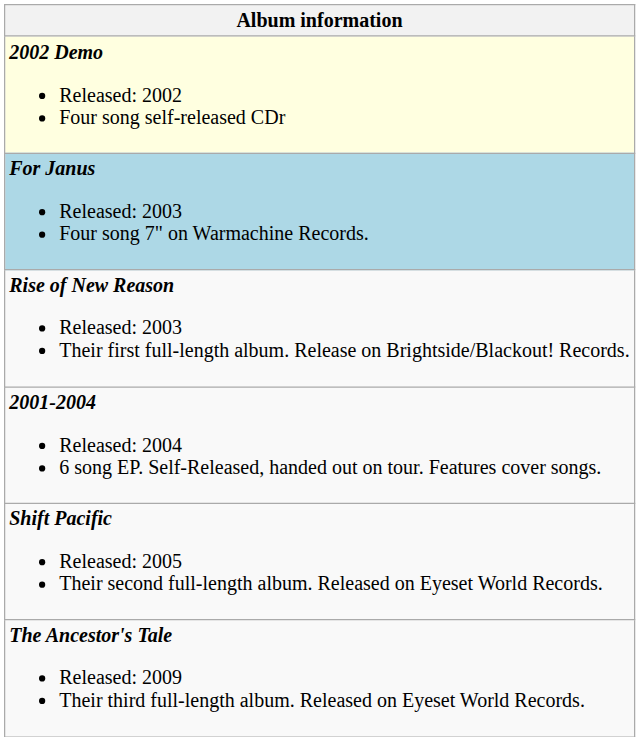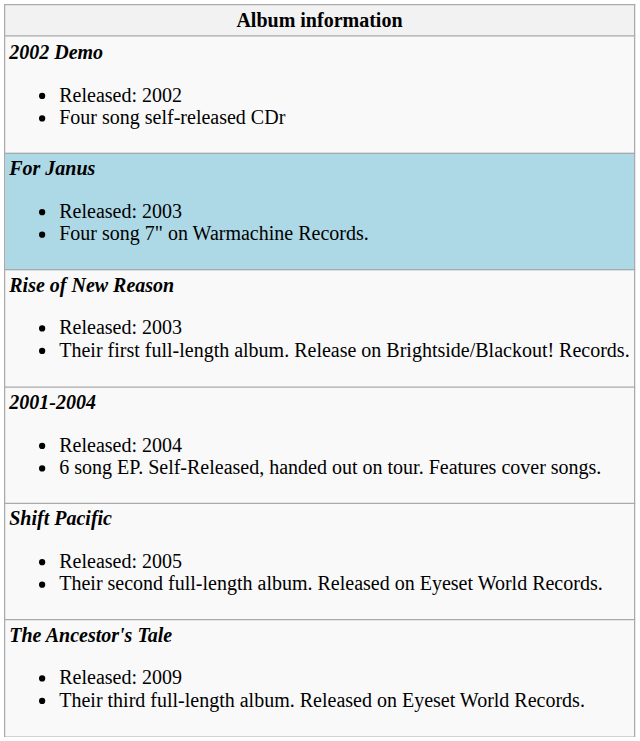 <table class="wikitable">
 <tr>
 <th>Album information</th>
 </tr>
 <tr>
-<td style="background: lightyellow;"><strong><em>2002 Demo</em></strong><br><ul><li>Released: 2002</li><li>Four song self-released CDr</li></ul></td>
+<td><strong><em>2002 Demo</em></strong><br><ul><li>Released: 2002</li><li>Four song self-released CDr</li></ul></td>
 </tr>
 <tr>
 <td style="background: lightblue;"><strong><em>For Janus</em></strong><br><ul><li>Released: 2003</li><li>Four song 7" on Warmachine Records.</li></ul></td>
 </tr>
 <tr>
 <td><strong><em>Rise of New Reason</em></strong><br><ul><li>Released: 2003</li><li>Their first full-length album.  Release on Brightside/Blackout! Records.</li></ul></td>
 </tr>
 <tr>
 <td><strong><em>2001-2004</em></strong><br><ul><li>Released: 2004</li><li>6 song EP. Self-Released, handed out on tour. Features cover songs.</li></ul></td>
 </tr>
 <tr>
 <td><strong><em>Shift Pacific</em></strong><br><ul><li>Released: 2005</li><li>Their second full-length album. Released on Eyeset World Records.</li></ul></td>
 </tr>
 <tr>
 <td><strong><em>The Ancestor's Tale</em></strong><br><ul><li>Released: 2009</li><li>Their third full-length album. Released on Eyeset World Records.</li></ul></td>
 </tr>
 </table>
